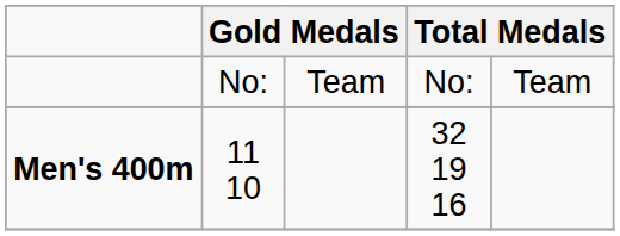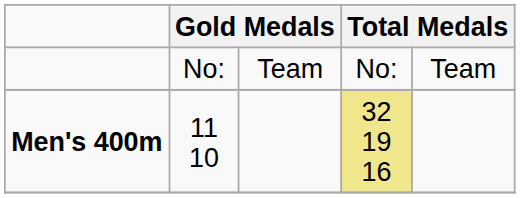 <table class="wikitable" style="text-align: center; font-size:95%;">
 <tr>
 <td></td>
 <th colspan=2>Gold Medals</th>
 <th colspan=2>Total Medals</th>
 </tr>
 <tr>
 <td></td>
 <td>No:</td>
 <td>Team</td>
 <td>No:</td>
 <td>Team</td>
 </tr>
 <tr>
 </tr>
 <tr>
 <td><strong>Men's 400m</strong></td>
 <td>11 <br> 10</td>
 <td align="left"> <br> </td>
-<td>32 <br> 19 <br> 16</td>
+<td style="background: khaki;">32 <br> 19 <br> 16</td>
 <td align="left"> <br>  <br> </td>
 </tr>
 <tr>
 </tr>
 </table>
